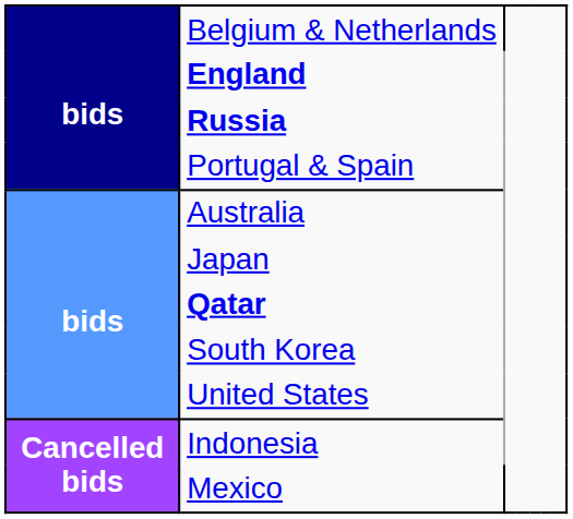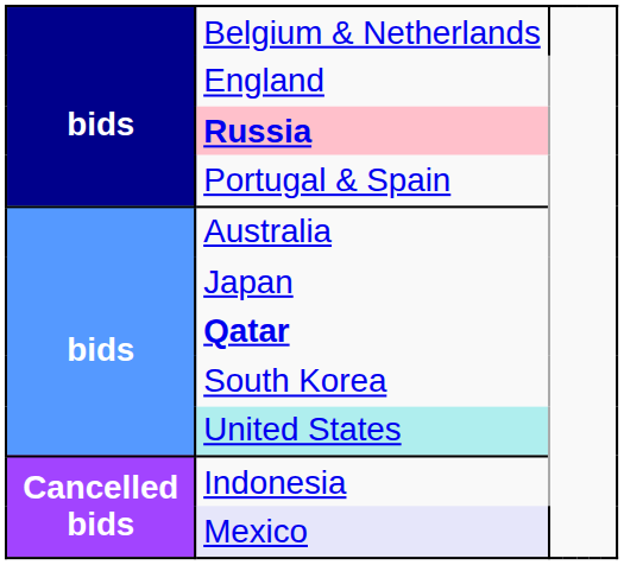 <table class="wikitable" style="font-size:85%; border:1px solid black; text-align: left;">
 <tr>
 <th rowspan="5" style="background:darkblue; color:white; border:1px solid black"><a href='#'></a><br>bids<br></th>
 </tr>
 <tr>
 <td style="border-top:1px solid black; border-right:1px solid black; border-bottom:0px"> <a href='#'>Belgium & Netherlands</a></td>
 <td rowspan="10" colspan="5" style="border-bottom:0px; border-top:1px solid black; border-right:1px solid black" valign="middle"></td>
 </tr>
 <tr>
-<td style="border-right:1px solid black; border-bottom:0px; border-top:0px"><strong> <a href='#'>England</a></strong></td>
+<td style="border-right:1px solid black; border-bottom:0px; border-top:0px"> <a href='#'>England</a></td>
 </tr>
 <tr>
-<td style="border-right:1px solid black; border-bottom:0px; border-top:0px"> <strong><a href='#'>Russia</a></strong></td>
+<td style="background: pink; border-right:1px solid black; border-bottom:0px; border-top:0px"> <strong><a href='#'>Russia</a></strong></td>
 </tr>
 <tr>
 <td style="border-right:1px solid black; border-bottom:0px; border-top:0px"> <a href='#'>Portugal & Spain</a></td>
 </tr>
 <tr>
 <th rowspan=5 style="background:#5599ff; color:white; border:1px solid black"><a href='#'></a><br>bids<br></th>
 <td style="border-top:1px solid black; border-right:1px solid black; border-bottom:0px"> <a href='#'>Australia</a></td>
 </tr>
 <tr>
 <td style="border-right:1px solid black; border-bottom:0px; border-top:0px"> <a href='#'>Japan</a></td>
 </tr>
 <tr>
 <td style="border-right:1px solid black; border-bottom:0px; border-top:0px"> <strong><a href='#'>Qatar</a></strong></td>
 </tr>
 <tr>
 <td style="border-right:1px solid black; border-bottom:0px; border-top:0px"> <a href='#'>South Korea</a></td>
 </tr>
 <tr>
-<td style="border-right:1px solid black; ; border-top:0px; border-bottom:1px solid black"> <a href='#'>United States</a></td>
+<td style="background: paleturquoise; border-right:1px solid black; ; border-top:0px; border-bottom:1px solid black"> <a href='#'>United States</a></td>
 </tr>
 <tr>
 <th rowspan=2 style="background:#a244ff; color:white; border-top:2px solid white; border:1px solid black"> Cancelled <br>bids</th>
 <td style="border-top:1px solid black; border-right:1px solid black; border-bottom:0px"> <a href='#'>Indonesia</a></td>
 </tr>
 <tr>
-<td style="border-right:1px solid black; ; border-top:0px; border-bottom:1px solid black"> <a href='#'>Mexico</a></td>
+<td style="background: lavender; border-right:1px solid black; ; border-top:0px; border-bottom:1px solid black"> <a href='#'>Mexico</a></td>
 <td style="border-right:0px; border-top:0px; border-bottom:1px solid black"></td>
 <td style="border-right:0px; border-left:0px; border-top:0px; border-bottom:1px solid black"></td>
 <td style="border-right:0px; border-left:0px; border-top:0px; border-bottom:1px solid black"></td>
 <td style="border-right:0px; border-left:0px; border-top:0px; border-bottom:1px solid black"></td>
 <td style="border-left:0px; border-top:0px; border-right:1px solid black; border-bottom:1px solid black"></td>
 </tr>
 </table>
